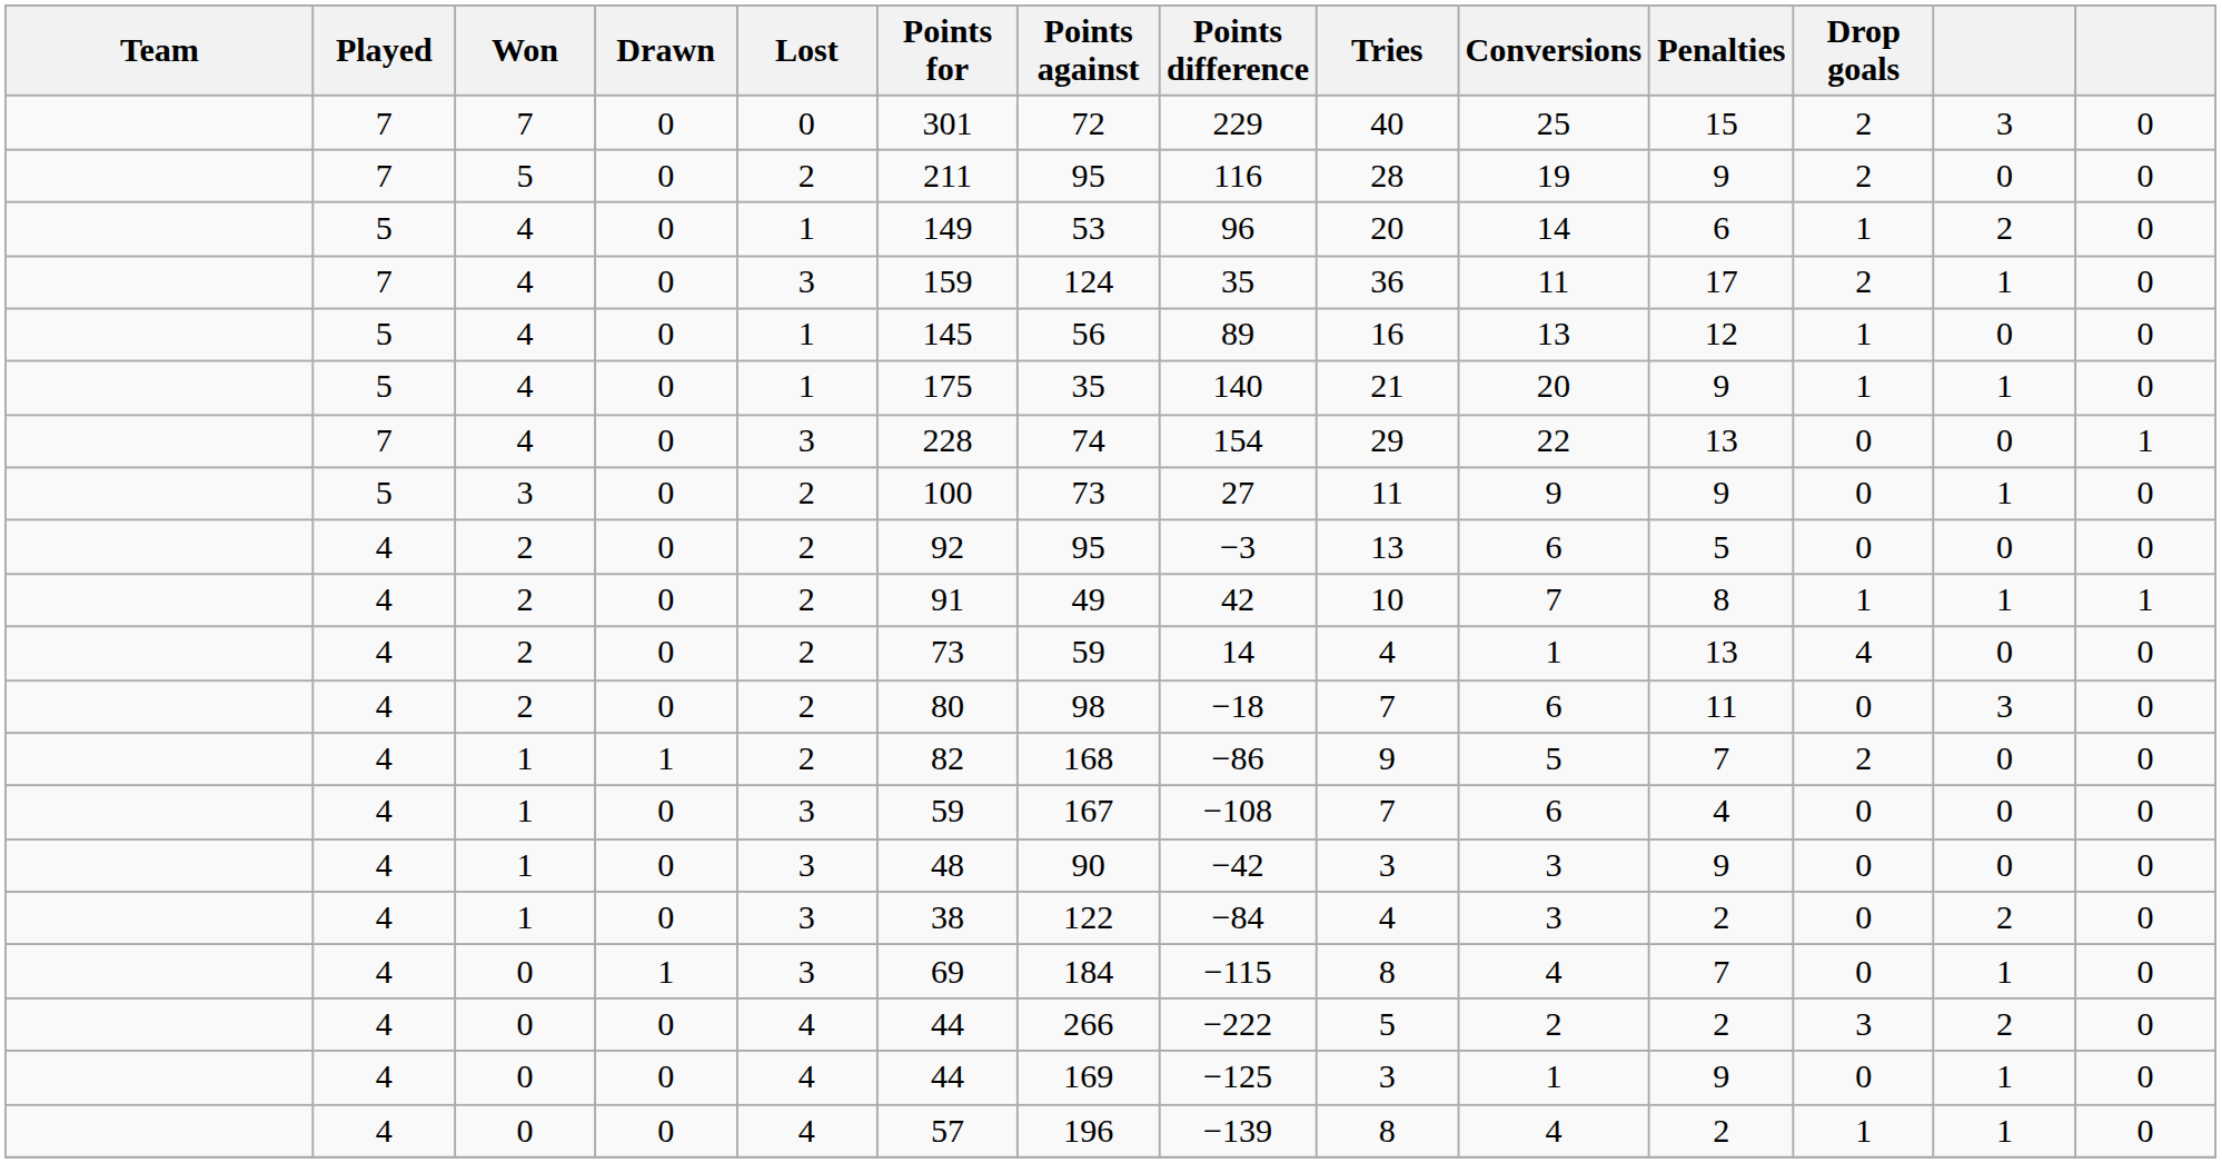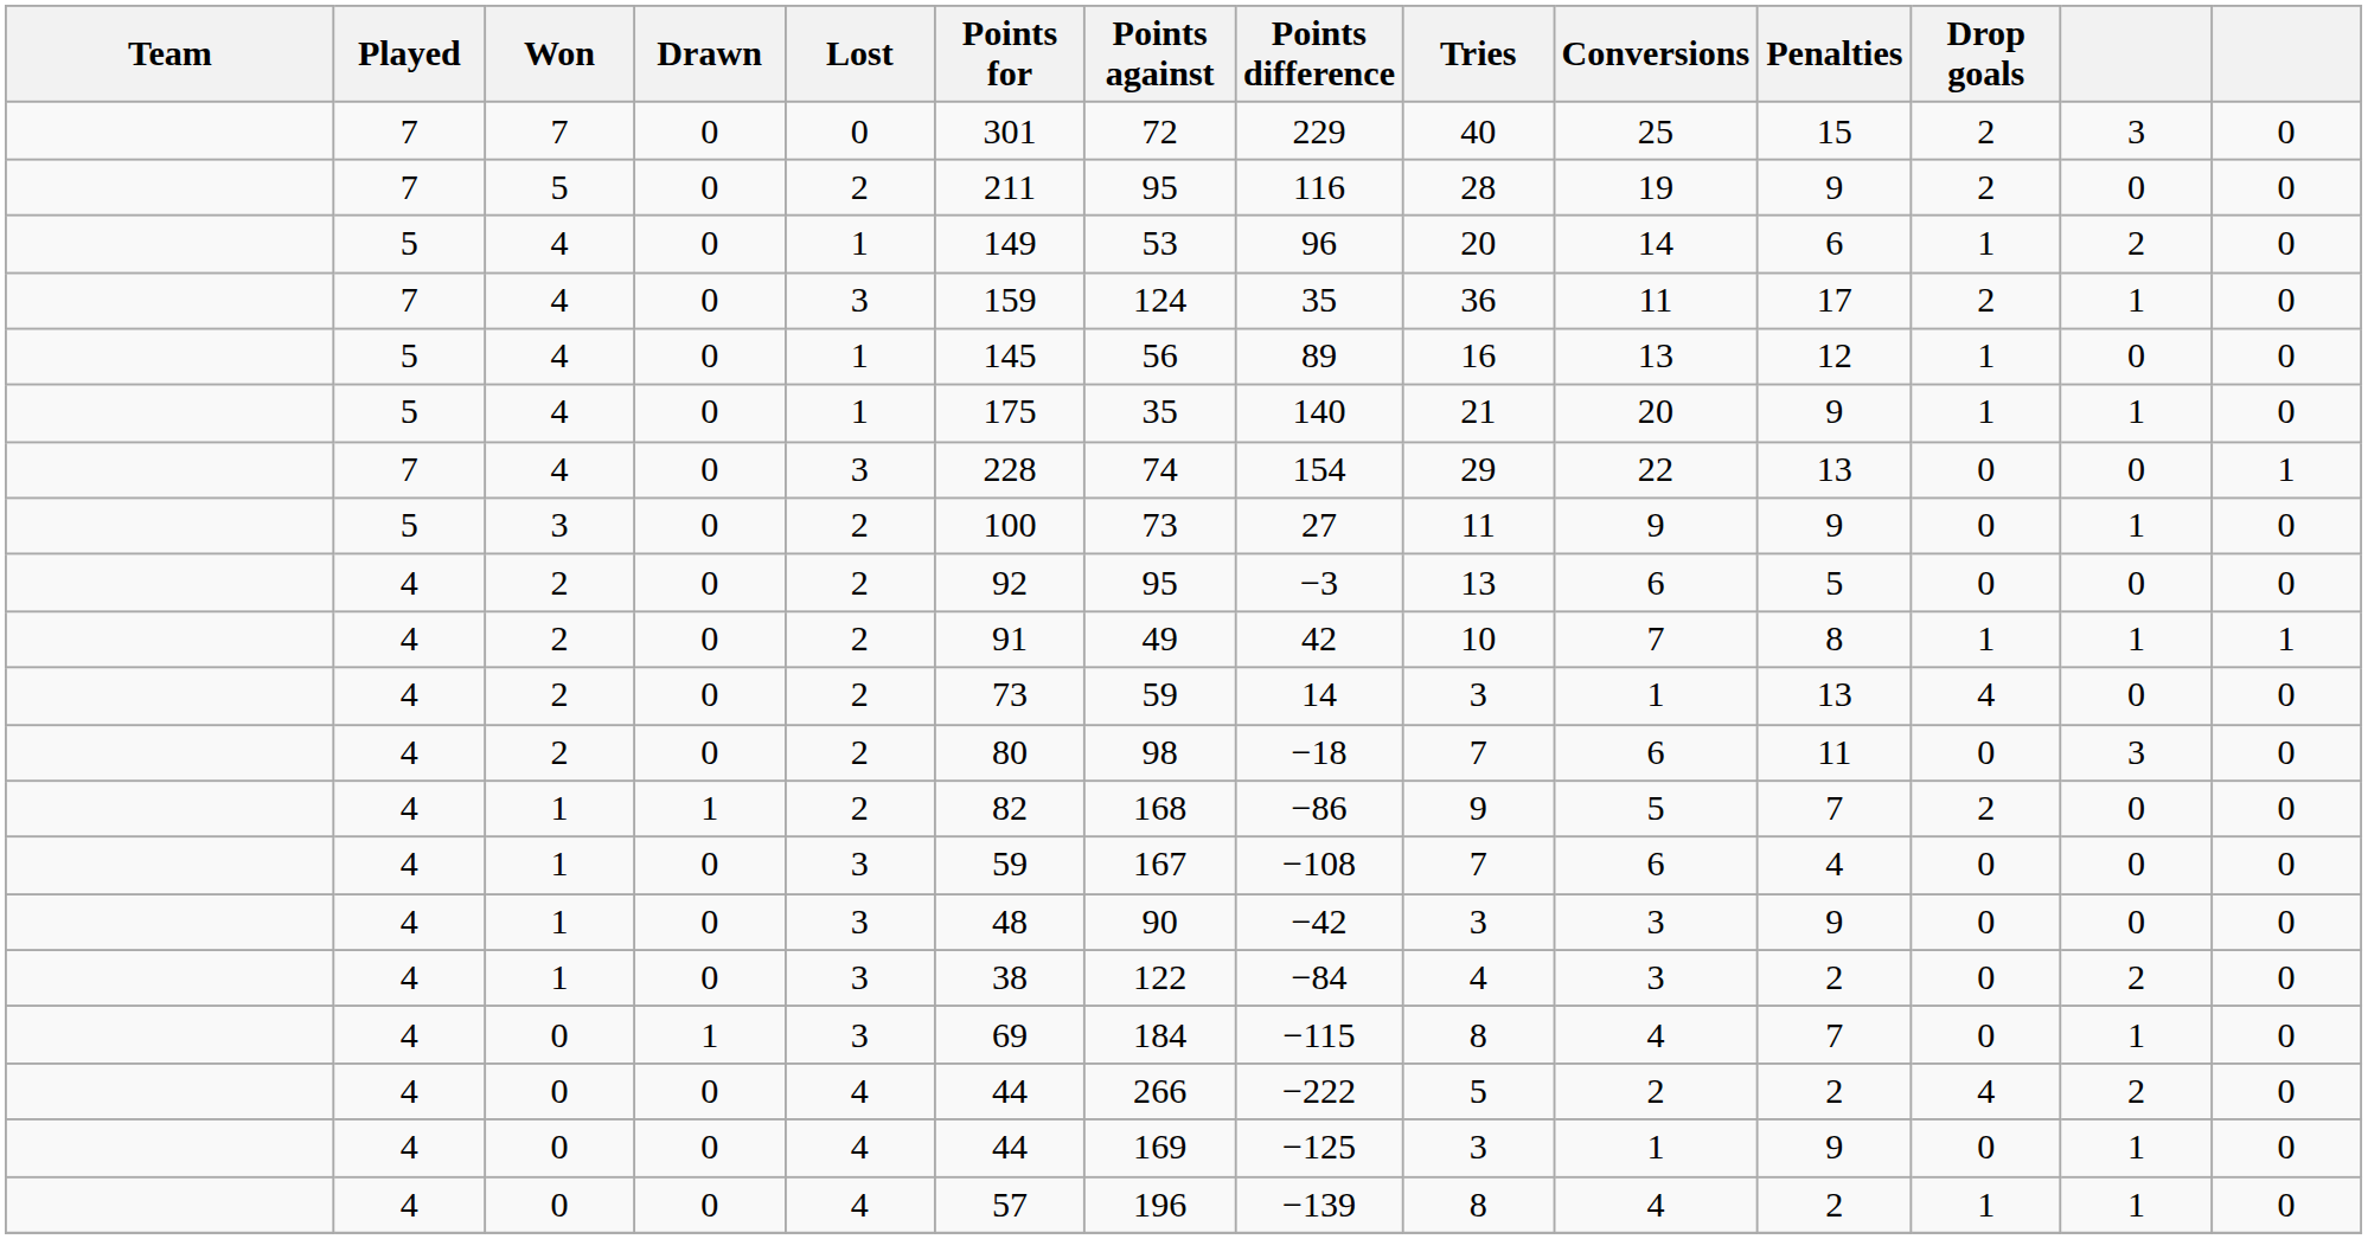 <table class="wikitable sortable" style=text-align:center>
 <tr>
 <th width=140>Team</th>
 <th width=60>Played</th>
 <th width=60>Won</th>
 <th width=60>Drawn</th>
 <th width=60>Lost</th>
 <th width=60>Points<br>for</th>
 <th width=60>Points<br>against</th>
 <th width=60>Points<br>difference</th>
 <th width=60>Tries</th>
 <th width=60>Conversions</th>
 <th width=60>Penalties</th>
 <th width=60>Drop goals</th>
 <th width=60></th>
 <th width=60></th>
 </tr>
 <tr>
 <td align=left></td>
 <td>7</td>
 <td>7</td>
 <td>0</td>
 <td>0</td>
 <td>301</td>
 <td>72</td>
 <td>229</td>
 <td>40</td>
 <td>25</td>
 <td>15</td>
 <td>2</td>
 <td>3</td>
 <td>0</td>
 </tr>
 <tr>
 <td align=left></td>
 <td>7</td>
 <td>5</td>
 <td>0</td>
 <td>2</td>
 <td>211</td>
 <td>95</td>
 <td>116</td>
 <td>28</td>
 <td>19</td>
 <td>9</td>
 <td>2</td>
 <td>0</td>
 <td>0</td>
 </tr>
 <tr>
 <td align=left></td>
 <td>5</td>
 <td>4</td>
 <td>0</td>
 <td>1</td>
 <td>149</td>
 <td>53</td>
 <td>96</td>
 <td>20</td>
 <td>14</td>
 <td>6</td>
 <td>1</td>
 <td>2</td>
 <td>0</td>
 </tr>
 <tr>
 <td align=left></td>
 <td>7</td>
 <td>4</td>
 <td>0</td>
 <td>3</td>
 <td>159</td>
 <td>124</td>
 <td>35</td>
 <td>36</td>
 <td>11</td>
 <td>17</td>
 <td>2</td>
 <td>1</td>
 <td>0</td>
 </tr>
 <tr>
 <td align=left></td>
 <td>5</td>
 <td>4</td>
 <td>0</td>
 <td>1</td>
 <td>145</td>
 <td>56</td>
 <td>89</td>
 <td>16</td>
 <td>13</td>
 <td>12</td>
 <td>1</td>
 <td>0</td>
 <td>0</td>
 </tr>
 <tr>
 <td align=left></td>
 <td>5</td>
 <td>4</td>
 <td>0</td>
 <td>1</td>
 <td>175</td>
 <td>35</td>
 <td>140</td>
 <td>21</td>
 <td>20</td>
 <td>9</td>
 <td>1</td>
 <td>1</td>
 <td>0</td>
 </tr>
 <tr>
 <td align=left></td>
 <td>7</td>
 <td>4</td>
 <td>0</td>
 <td>3</td>
 <td>228</td>
 <td>74</td>
 <td>154</td>
 <td>29</td>
 <td>22</td>
 <td>13</td>
 <td>0</td>
 <td>0</td>
 <td>1</td>
 </tr>
 <tr>
 <td align=left></td>
 <td>5</td>
 <td>3</td>
 <td>0</td>
 <td>2</td>
 <td>100</td>
 <td>73</td>
 <td>27</td>
 <td>11</td>
 <td>9</td>
 <td>9</td>
 <td>0</td>
 <td>1</td>
 <td>0</td>
 </tr>
 <tr>
 <td align=left></td>
 <td>4</td>
 <td>2</td>
 <td>0</td>
 <td>2</td>
 <td>92</td>
 <td>95</td>
 <td>−3</td>
 <td>13</td>
 <td>6</td>
 <td>5</td>
 <td>0</td>
 <td>0</td>
 <td>0</td>
 </tr>
 <tr>
 <td align=left></td>
 <td>4</td>
 <td>2</td>
 <td>0</td>
 <td>2</td>
 <td>91</td>
 <td>49</td>
 <td>42</td>
 <td>10</td>
 <td>7</td>
 <td>8</td>
 <td>1</td>
 <td>1</td>
 <td>1</td>
 </tr>
 <tr>
 <td align=left></td>
 <td>4</td>
 <td>2</td>
 <td>0</td>
 <td>2</td>
 <td>73</td>
 <td>59</td>
 <td>14</td>
-<td>4</td>
+<td>3</td>
 <td>1</td>
 <td>13</td>
 <td>4</td>
 <td>0</td>
 <td>0</td>
 </tr>
 <tr>
 <td align=left></td>
 <td>4</td>
 <td>2</td>
 <td>0</td>
 <td>2</td>
 <td>80</td>
 <td>98</td>
 <td>−18</td>
 <td>7</td>
 <td>6</td>
 <td>11</td>
 <td>0</td>
 <td>3</td>
 <td>0</td>
 </tr>
 <tr>
 <td align=left></td>
 <td>4</td>
 <td>1</td>
 <td>1</td>
 <td>2</td>
 <td>82</td>
 <td>168</td>
 <td>−86</td>
 <td>9</td>
 <td>5</td>
 <td>7</td>
 <td>2</td>
 <td>0</td>
 <td>0</td>
 </tr>
 <tr>
 <td align=left></td>
 <td>4</td>
 <td>1</td>
 <td>0</td>
 <td>3</td>
 <td>59</td>
 <td>167</td>
 <td>−108</td>
 <td>7</td>
 <td>6</td>
 <td>4</td>
 <td>0</td>
 <td>0</td>
 <td>0</td>
 </tr>
 <tr>
 <td align=left></td>
 <td>4</td>
 <td>1</td>
 <td>0</td>
 <td>3</td>
 <td>48</td>
 <td>90</td>
 <td>−42</td>
 <td>3</td>
 <td>3</td>
 <td>9</td>
 <td>0</td>
 <td>0</td>
 <td>0</td>
 </tr>
 <tr>
 <td align=left></td>
 <td>4</td>
 <td>1</td>
 <td>0</td>
 <td>3</td>
 <td>38</td>
 <td>122</td>
 <td>−84</td>
 <td>4</td>
 <td>3</td>
 <td>2</td>
 <td>0</td>
 <td>2</td>
 <td>0</td>
 </tr>
 <tr>
 <td align=left></td>
 <td>4</td>
 <td>0</td>
 <td>1</td>
 <td>3</td>
 <td>69</td>
 <td>184</td>
 <td>−115</td>
 <td>8</td>
 <td>4</td>
 <td>7</td>
 <td>0</td>
 <td>1</td>
 <td>0</td>
 </tr>
 <tr>
 <td align=left></td>
 <td>4</td>
 <td>0</td>
 <td>0</td>
 <td>4</td>
 <td>44</td>
 <td>266</td>
 <td>−222</td>
 <td>5</td>
 <td>2</td>
 <td>2</td>
-<td>3</td>
+<td>4</td>
 <td>2</td>
 <td>0</td>
 </tr>
 <tr>
 <td align=left></td>
 <td>4</td>
 <td>0</td>
 <td>0</td>
 <td>4</td>
 <td>44</td>
 <td>169</td>
 <td>−125</td>
 <td>3</td>
 <td>1</td>
 <td>9</td>
 <td>0</td>
 <td>1</td>
 <td>0</td>
 </tr>
 <tr>
 <td align=left></td>
 <td>4</td>
 <td>0</td>
 <td>0</td>
 <td>4</td>
 <td>57</td>
 <td>196</td>
 <td>−139</td>
 <td>8</td>
 <td>4</td>
 <td>2</td>
 <td>1</td>
 <td>1</td>
 <td>0</td>
 </tr>
 <tr>
 </tr>
 </table>
